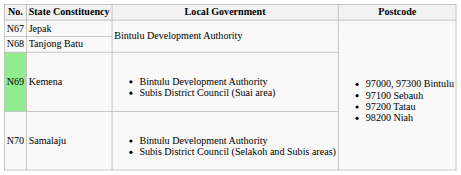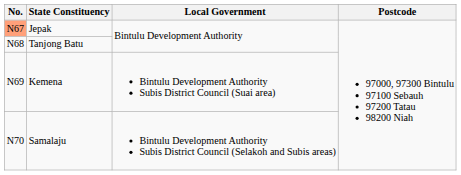 <table class="wikitable">
 <tr>
 <th>No.</th>
 <th>State Constituency</th>
 <th>Local Government</th>
 <th>Postcode</th>
 </tr>
 <tr>
-<td>N67</td>
+<td style="background: lightsalmon;">N67</td>
 <td>Jepak</td>
 <td rowspan="2">Bintulu Development Authority</td>
 <td rowspan="4"><br><ul><li>97000, 97300 Bintulu</li><li>97100 Sebauh</li><li>97200 Tatau</li><li>98200 Niah</li></ul></td>
 </tr>
 <tr>
 <td>N68</td>
 <td>Tanjong Batu</td>
 </tr>
 <tr>
-<td style="background: lightgreen;">N69</td>
+<td>N69</td>
 <td>Kemena</td>
 <td><br><ul><li>Bintulu Development Authority</li><li>Subis District Council (Suai area)</li></ul></td>
 </tr>
 <tr>
 <td>N70</td>
 <td>Samalaju</td>
 <td><br><ul><li>Bintulu Development Authority</li><li>Subis District Council (Selakoh and Subis areas)</li></ul></td>
 </tr>
 </table>
